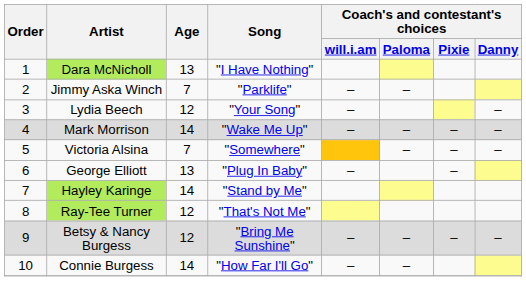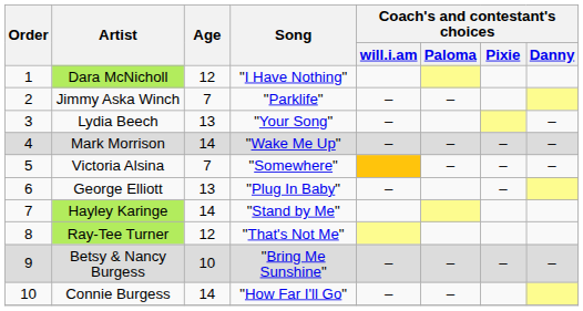 <table class="wikitable" style="text-align:center; line-height:17px; font-size:100%; width:100%;">
 <tr>
 <th width="5%" rowspan="2" scope="col">Order</th>
 <th scope="col" rowspan="2" width="23%">Artist</th>
 <th width="8%" rowspan="2" scope="col">Age</th>
 <th scope="col" rowspan="2" width="22%">Song</th>
 <th scope="col" colspan="4" width="24%">Coach's and contestant's choices</th>
 </tr>
 <tr>
 <th width="8%"><a href='#'>will.i.am</a></th>
 <th width="8%"><a href='#'>Paloma</a></th>
 <th width="8%"><a href='#'>Pixie</a></th>
 <th width="8%"><a href='#'>Danny</a></th>
 </tr>
 <tr>
 <td>1</td>
 <td style="background-color:#B2EC5D;">Dara McNicholl</td>
-<td>13</td>
+<td>12</td>
 <td>"<a href='#'>I Have Nothing</a>"</td>
 <td><strong></strong></td>
 <td style="background:#fdfc8f;"><strong></strong></td>
 <td><strong></strong></td>
 <td><strong></strong></td>
 </tr>
 <tr>
 <td>2</td>
 <td>Jimmy Aska Winch</td>
 <td>7</td>
 <td>"<a href='#'>Parklife</a>"</td>
 <td>–</td>
 <td>–</td>
 <td><strong></strong></td>
 <td style="background:#fdfc8f;"><strong></strong></td>
 </tr>
 <tr>
 <td>3</td>
 <td>Lydia Beech</td>
-<td>12</td>
+<td>13</td>
 <td>"<a href='#'>Your Song</a>"</td>
 <td>–</td>
 <td><strong></strong></td>
 <td style="background:#fdfc8f;"><strong></strong></td>
 <td>–</td>
 </tr>
 <tr bgcolor="#dcdcdc">
 <td>4</td>
 <td>Mark Morrison</td>
 <td>14</td>
 <td>"<a href='#'>Wake Me Up</a>"</td>
 <td>–</td>
 <td>–</td>
 <td>–</td>
 <td>–</td>
 </tr>
 <tr>
 <td>5</td>
 <td>Victoria Alsina</td>
 <td>7</td>
 <td>"<a href='#'>Somewhere</a>"</td>
 <td style="background:#FFC40C;"><strong></strong></td>
 <td>–</td>
 <td>–</td>
 <td>–</td>
 </tr>
 <tr>
 <td>6</td>
 <td>George Elliott</td>
 <td>13</td>
 <td>"<a href='#'>Plug In Baby</a>"</td>
 <td>–</td>
 <td><strong></strong></td>
 <td>–</td>
 <td style="background:#fdfc8f;"><strong></strong></td>
 </tr>
 <tr>
 <td>7</td>
 <td style="background-color:#B2EC5D;">Hayley Karinge</td>
 <td>14</td>
 <td>"<a href='#'>Stand by Me</a>"</td>
 <td><strong></strong></td>
 <td style="background:#fdfc8f;"><strong></strong></td>
 <td><strong></strong></td>
 <td><strong></strong></td>
 </tr>
 <tr>
 <td>8</td>
 <td style="background-color:#B2EC5D;">Ray-Tee Turner</td>
 <td>12</td>
 <td>"<a href='#'>That's Not Me</a>"</td>
 <td style="background:#fdfc8f;"><strong></strong></td>
 <td><strong></strong></td>
 <td><strong></strong></td>
 <td><strong></strong></td>
 </tr>
 <tr bgcolor="#dcdcdc">
 <td>9</td>
 <td>Betsy & Nancy Burgess</td>
-<td>12</td>
+<td>10</td>
 <td>"<a href='#'>Bring Me Sunshine</a>"</td>
 <td>–</td>
 <td>–</td>
 <td>–</td>
 <td>–</td>
 </tr>
 <tr>
 <td>10</td>
 <td>Connie Burgess</td>
 <td>14</td>
 <td>"<a href='#'>How Far I'll Go</a>"</td>
 <td>–</td>
 <td>–</td>
 <td><strong></strong></td>
 <td style="background:#fdfc8f;"><strong></strong></td>
 </tr>
 <tr>
 </tr>
 </table>
